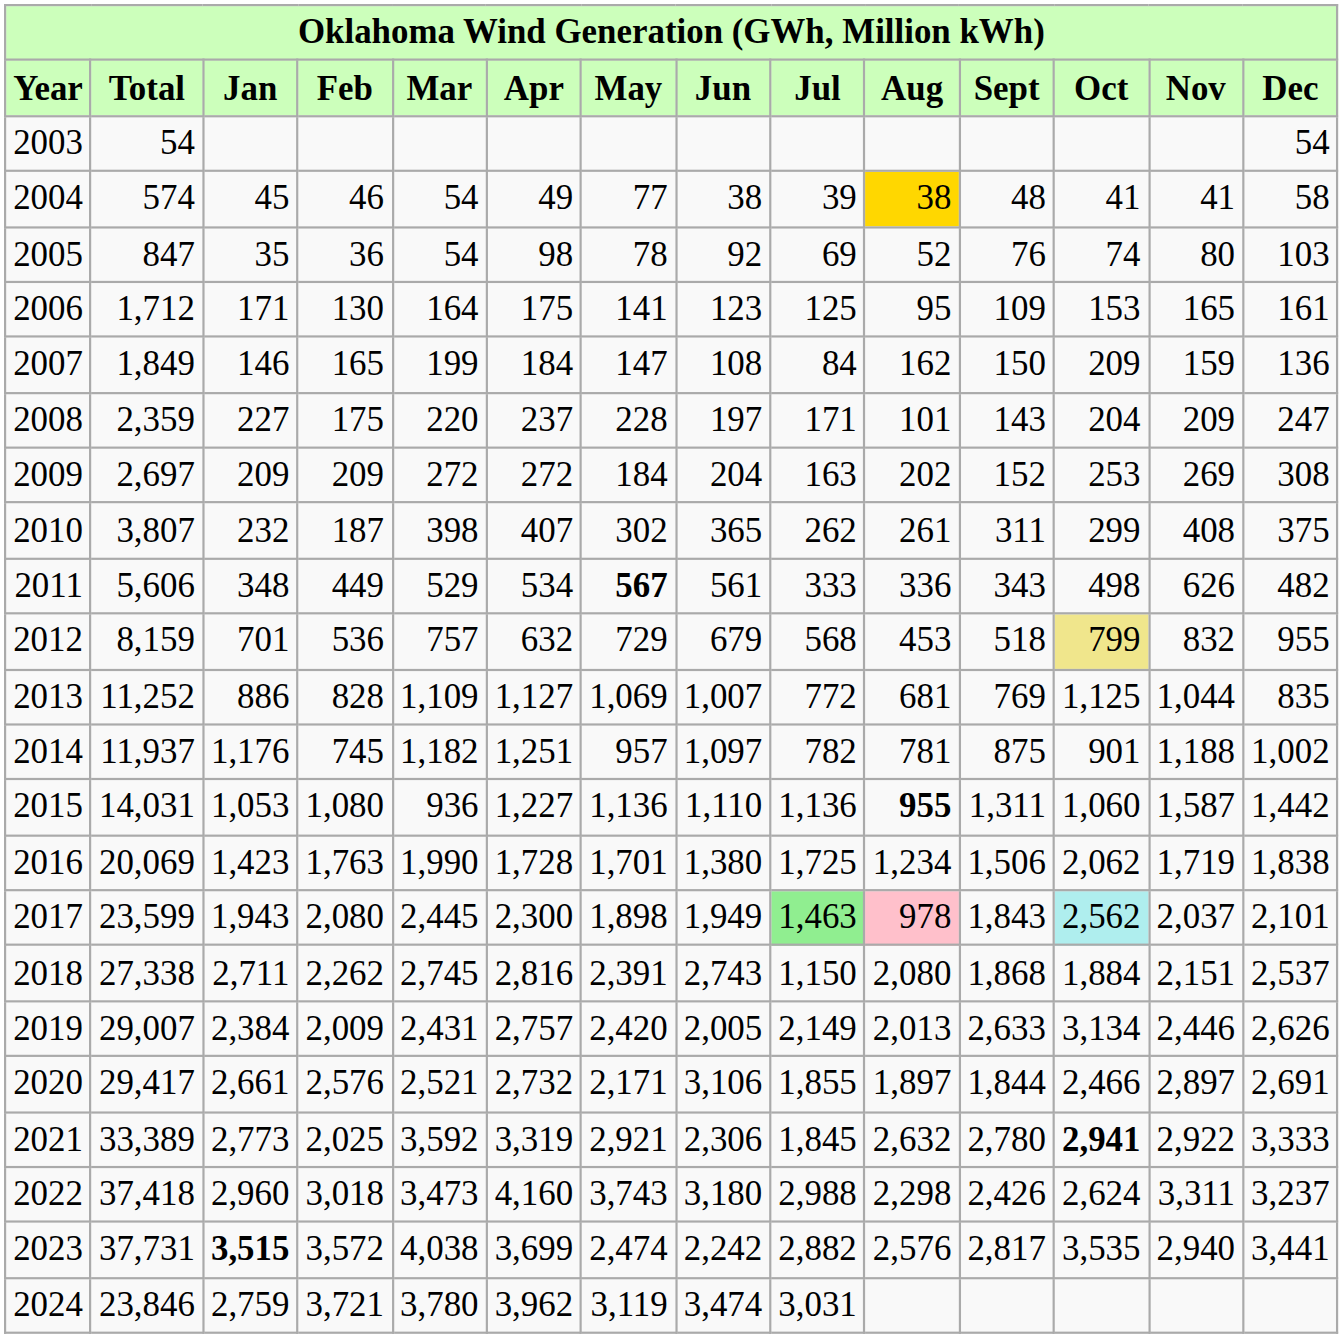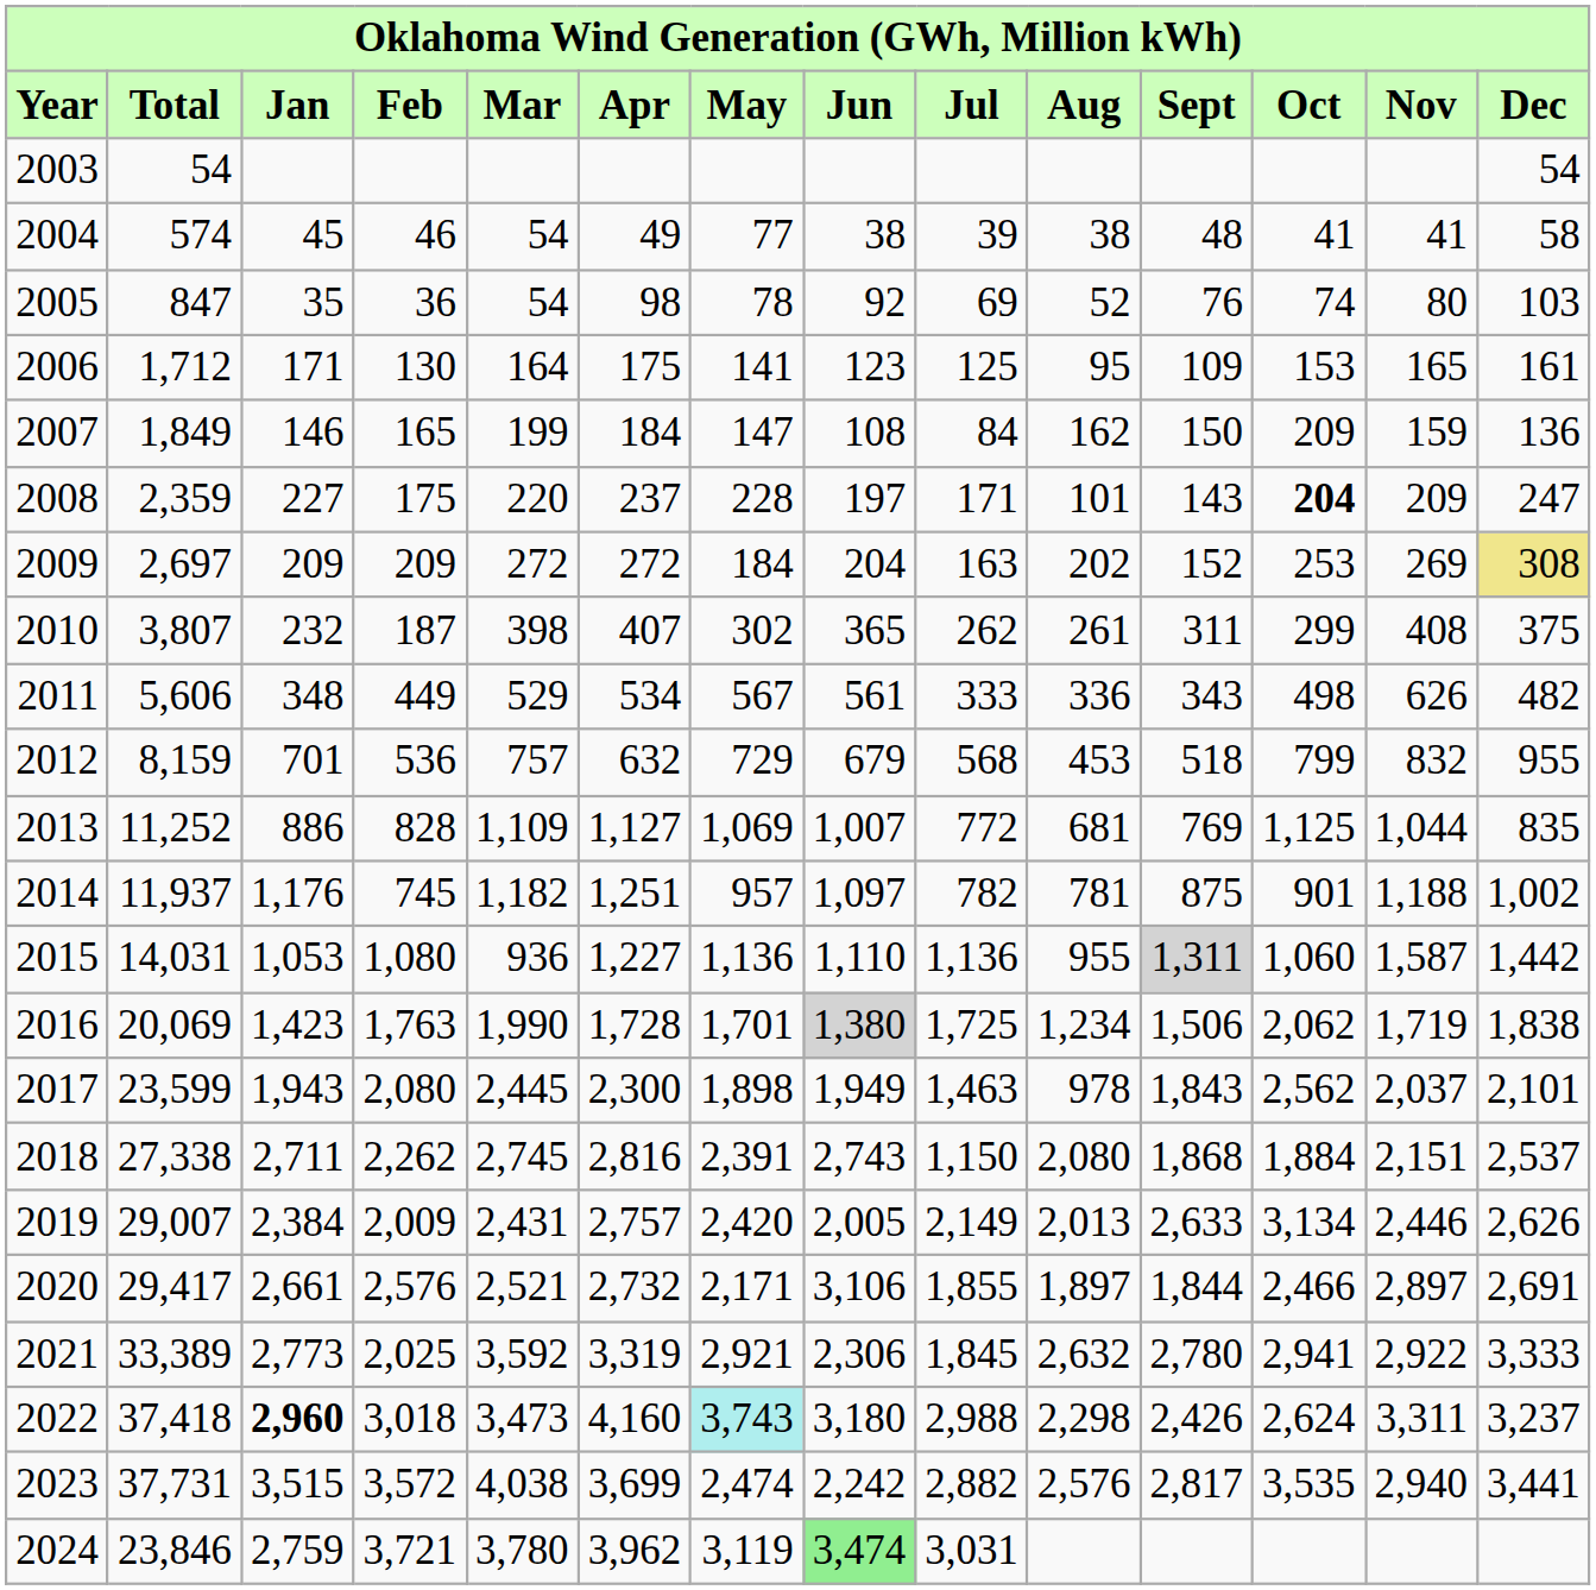 <table class="wikitable" style="text-align:right;">
 <tr>
 <th colspan="14" style="background:#cfb;">Oklahoma Wind Generation (GWh, Million kWh)</th>
 </tr>
 <tr>
 <th style="background:#cfb;">Year</th>
 <th style="background:#cfb;">Total</th>
 <th style="background:#cfb;">Jan</th>
 <th style="background:#cfb;">Feb</th>
 <th style="background:#cfb;">Mar</th>
 <th style="background:#cfb;">Apr</th>
 <th style="background:#cfb;">May</th>
 <th style="background:#cfb;">Jun</th>
 <th style="background:#cfb;">Jul</th>
 <th style="background:#cfb;">Aug</th>
 <th style="background:#cfb;">Sept</th>
 <th style="background:#cfb;">Oct</th>
 <th style="background:#cfb;">Nov</th>
 <th style="background:#cfb;">Dec</th>
 </tr>
 <tr align=right>
 <td>2003</td>
 <td>54</td>
 <td></td>
 <td></td>
 <td></td>
 <td></td>
 <td></td>
 <td></td>
 <td></td>
 <td></td>
 <td></td>
 <td></td>
 <td></td>
 <td>54</td>
 </tr>
 <tr align=right>
 <td>2004</td>
 <td>574</td>
 <td>45</td>
 <td>46</td>
 <td>54</td>
 <td>49</td>
 <td>77</td>
 <td>38</td>
 <td>39</td>
-<td style="background: gold;">38</td>
+<td>38</td>
 <td>48</td>
 <td>41</td>
 <td>41</td>
 <td>58</td>
 </tr>
 <tr align=right>
 <td>2005</td>
 <td>847</td>
 <td>35</td>
 <td>36</td>
 <td>54</td>
 <td>98</td>
 <td>78</td>
 <td>92</td>
 <td>69</td>
 <td>52</td>
 <td>76</td>
 <td>74</td>
 <td>80</td>
 <td>103</td>
 </tr>
 <tr align=right>
 <td>2006</td>
 <td>1,712</td>
 <td>171</td>
 <td>130</td>
 <td>164</td>
 <td>175</td>
 <td>141</td>
 <td>123</td>
 <td>125</td>
 <td>95</td>
 <td>109</td>
 <td>153</td>
 <td>165</td>
 <td>161</td>
 </tr>
 <tr align=right>
 <td>2007</td>
 <td>1,849</td>
 <td>146</td>
 <td>165</td>
 <td>199</td>
 <td>184</td>
 <td>147</td>
 <td>108</td>
 <td>84</td>
 <td>162</td>
 <td>150</td>
 <td>209</td>
 <td>159</td>
 <td>136</td>
 </tr>
 <tr align=right>
 <td>2008</td>
 <td>2,359</td>
 <td>227</td>
 <td>175</td>
 <td>220</td>
 <td>237</td>
 <td>228</td>
 <td>197</td>
 <td>171</td>
 <td>101</td>
 <td>143</td>
-<td>204</td>
+<td><strong>204</strong></td>
 <td>209</td>
 <td>247</td>
 </tr>
 <tr align=right>
 <td>2009</td>
 <td>2,697</td>
 <td>209</td>
 <td>209</td>
 <td>272</td>
 <td>272</td>
 <td>184</td>
 <td>204</td>
 <td>163</td>
 <td>202</td>
 <td>152</td>
 <td>253</td>
 <td>269</td>
-<td>308</td>
+<td style="background: khaki;">308</td>
 </tr>
 <tr align=right>
 <td>2010</td>
 <td>3,807</td>
 <td>232</td>
 <td>187</td>
 <td>398</td>
 <td>407</td>
 <td>302</td>
 <td>365</td>
 <td>262</td>
 <td>261</td>
 <td>311</td>
 <td>299</td>
 <td>408</td>
 <td>375</td>
 </tr>
 <tr align=right>
 <td>2011</td>
 <td>5,606</td>
 <td>348</td>
 <td>449</td>
 <td>529</td>
 <td>534</td>
-<td><strong>567</strong></td>
+<td>567</td>
 <td>561</td>
 <td>333</td>
 <td>336</td>
 <td>343</td>
 <td>498</td>
 <td>626</td>
 <td>482</td>
 </tr>
 <tr align=right>
 <td>2012</td>
 <td>8,159</td>
 <td>701</td>
 <td>536</td>
 <td>757</td>
 <td>632</td>
 <td>729</td>
 <td>679</td>
 <td>568</td>
 <td>453</td>
 <td>518</td>
-<td style="background: khaki;">799</td>
+<td>799</td>
 <td>832</td>
 <td>955</td>
 </tr>
 <tr align=right>
 <td>2013</td>
 <td>11,252</td>
 <td>886</td>
 <td>828</td>
 <td>1,109</td>
 <td>1,127</td>
 <td>1,069</td>
 <td>1,007</td>
 <td>772</td>
 <td>681</td>
 <td>769</td>
 <td>1,125</td>
 <td>1,044</td>
 <td>835</td>
 </tr>
 <tr align=right>
 <td>2014</td>
 <td>11,937</td>
 <td>1,176</td>
 <td>745</td>
 <td>1,182</td>
 <td>1,251</td>
 <td>957</td>
 <td>1,097</td>
 <td>782</td>
 <td>781</td>
 <td>875</td>
 <td>901</td>
 <td>1,188</td>
 <td>1,002</td>
 </tr>
 <tr align=right>
 <td>2015</td>
 <td>14,031</td>
 <td>1,053</td>
 <td>1,080</td>
 <td>936</td>
 <td>1,227</td>
 <td>1,136</td>
 <td>1,110</td>
 <td>1,136</td>
-<td><strong>955</strong></td>
-<td>1,311</td>
+<td>955</td>
+<td style="background: lightgrey;">1,311</td>
 <td>1,060</td>
 <td>1,587</td>
 <td>1,442</td>
 </tr>
 <tr align=right>
 <td>2016</td>
 <td>20,069</td>
 <td>1,423</td>
 <td>1,763</td>
 <td>1,990</td>
 <td>1,728</td>
 <td>1,701</td>
-<td>1,380</td>
+<td style="background: lightgrey;">1,380</td>
 <td>1,725</td>
 <td>1,234</td>
 <td>1,506</td>
 <td>2,062</td>
 <td>1,719</td>
 <td>1,838</td>
 </tr>
 <tr align=right>
 <td>2017</td>
 <td>23,599</td>
 <td>1,943</td>
 <td>2,080</td>
 <td>2,445</td>
 <td>2,300</td>
 <td>1,898</td>
 <td>1,949</td>
-<td style="background: lightgreen;">1,463</td>
-<td style="background: pink;">978</td>
+<td>1,463</td>
+<td>978</td>
 <td>1,843</td>
-<td style="background: paleturquoise;">2,562</td>
+<td>2,562</td>
 <td>2,037</td>
 <td>2,101</td>
 </tr>
 <tr align=right>
 <td>2018</td>
 <td>27,338</td>
 <td>2,711</td>
 <td>2,262</td>
 <td>2,745</td>
 <td>2,816</td>
 <td>2,391</td>
 <td>2,743</td>
 <td>1,150</td>
 <td>2,080</td>
 <td>1,868</td>
 <td>1,884</td>
 <td>2,151</td>
 <td>2,537</td>
 </tr>
 <tr align=right>
 <td>2019</td>
 <td>29,007</td>
 <td>2,384</td>
 <td>2,009</td>
 <td>2,431</td>
 <td>2,757</td>
 <td>2,420</td>
 <td>2,005</td>
 <td>2,149</td>
 <td>2,013</td>
 <td>2,633</td>
 <td>3,134</td>
 <td>2,446</td>
 <td>2,626</td>
 </tr>
 <tr align=right>
 <td>2020</td>
 <td>29,417</td>
 <td>2,661</td>
 <td>2,576</td>
 <td>2,521</td>
 <td>2,732</td>
 <td>2,171</td>
 <td>3,106</td>
 <td>1,855</td>
 <td>1,897</td>
 <td>1,844</td>
 <td>2,466</td>
 <td>2,897</td>
 <td>2,691</td>
 </tr>
 <tr align=right>
 <td>2021</td>
 <td>33,389</td>
 <td>2,773</td>
 <td>2,025</td>
 <td>3,592</td>
 <td>3,319</td>
 <td>2,921</td>
 <td>2,306</td>
 <td>1,845</td>
 <td>2,632</td>
 <td>2,780</td>
-<td><strong>2,941</strong></td>
+<td>2,941</td>
 <td>2,922</td>
 <td>3,333</td>
 </tr>
 <tr align=right>
 <td>2022</td>
 <td>37,418</td>
-<td>2,960</td>
+<td><strong>2,960</strong></td>
 <td>3,018</td>
 <td>3,473</td>
 <td>4,160</td>
-<td>3,743</td>
+<td style="background: paleturquoise;">3,743</td>
 <td>3,180</td>
 <td>2,988</td>
 <td>2,298</td>
 <td>2,426</td>
 <td>2,624</td>
 <td>3,311</td>
 <td>3,237</td>
 </tr>
 <tr align=right>
 <td>2023</td>
 <td>37,731</td>
-<td><strong>3,515</strong></td>
+<td>3,515</td>
 <td>3,572</td>
 <td>4,038</td>
 <td>3,699</td>
 <td>2,474</td>
 <td>2,242</td>
 <td>2,882</td>
 <td>2,576</td>
 <td>2,817</td>
 <td>3,535</td>
 <td>2,940</td>
 <td>3,441</td>
 </tr>
 <tr align=right>
 <td>2024</td>
 <td>23,846</td>
 <td>2,759</td>
 <td>3,721</td>
 <td>3,780</td>
 <td>3,962</td>
 <td>3,119</td>
-<td>3,474</td>
+<td style="background: lightgreen;">3,474</td>
 <td>3,031</td>
 <td></td>
 <td></td>
 <td></td>
 <td></td>
 <td></td>
 </tr>
 </table>
